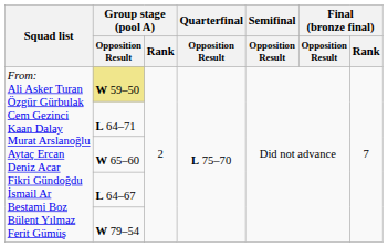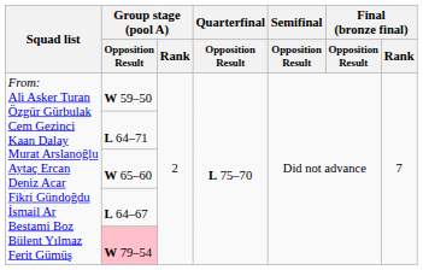 <table class=wikitable>
 <tr>
 <th rowspan="2">Squad list</th>
 <th colspan="2">Group stage<br>(pool A)</th>
 <th>Quarterfinal</th>
 <th>Semifinal<br></th>
 <th colspan="2">Final<br>(bronze final)</th>
 </tr>
 <tr>
 <th style="line-height:1em"><small>Opposition<br>Result</small></th>
 <th>Rank</th>
 <th style="line-height:1em"><small>Opposition<br>Result</small></th>
 <th style="line-height:1em"><small>Opposition<br>Result</small></th>
 <th style="line-height:1em"><small>Opposition<br>Result</small></th>
 <th>Rank</th>
 </tr>
 <tr>
 <td rowspan="5"><em>From:</em><br><a href='#'>Ali Asker Turan</a> <br><a href='#'>Özgür Gürbulak</a> <br><a href='#'>Cem Gezinci</a> <br><a href='#'>Kaan Dalay</a> <br><a href='#'>Murat Arslanoğlu</a> <br><a href='#'>Aytaç Ercan</a> <br><a href='#'>Deniz Acar</a> <br><a href='#'>Fikri Gündoğdu</a> <br><a href='#'>İsmail Ar</a> <br><a href='#'>Bestami Boz</a> <br><a href='#'>Bülent Yılmaz</a> <br><a href='#'>Ferit Gümüş</a></td>
-<td align="left" style="background: khaki;"><br><strong>W</strong> 59–50</td>
+<td align="left"><br><strong>W</strong> 59–50</td>
 <td rowspan="5" align="center">2</td>
 <td rowspan="5" align="center"><br><strong>L</strong> 75–70</td>
 <td rowspan="5" align="center" colspan=2>Did not advance</td>
 <td rowspan="5" align="center">7</td>
 </tr>
 <tr>
 <td align="left"><br><strong>L</strong> 64–71</td>
 </tr>
 <tr>
 <td align="left"><br><strong>W</strong> 65–60</td>
 </tr>
 <tr>
 <td align="left"><br><strong>L</strong> 64–67</td>
 </tr>
 <tr>
-<td align="left"><br><strong>W</strong> 79–54</td>
+<td align="left" style="background: pink;"><br><strong>W</strong> 79–54</td>
 </tr>
 </table>
